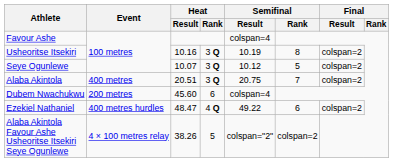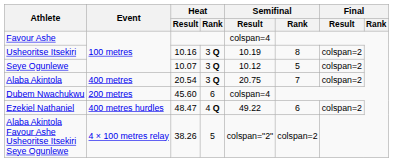 <table class="wikitable" style="font-size:90%">
 <tr>
 <th rowspan="2">Athlete</th>
 <th rowspan="2">Event</th>
 <th colspan="2">Heat</th>
 <th colspan="2">Semifinal</th>
 <th colspan="2">Final</th>
 </tr>
 <tr style="font-size:95%">
 <th>Result</th>
 <th>Rank</th>
 <th>Result</th>
 <th>Rank</th>
 <th>Result</th>
 <th>Rank</th>
 </tr>
 <tr align="center">
 <td align=left><a href='#'>Favour Ashe</a></td>
 <td align=left rowspan=3><a href='#'>100 metres</a></td>
 <td colspan=2></td>
 <td>colspan=4 </td>
 </tr>
 <tr align="center">
 <td align=left><a href='#'>Usheoritse Itsekiri</a></td>
 <td>10.16</td>
 <td>3 <strong>Q</strong></td>
 <td>10.19</td>
 <td>8</td>
 <td>colspan=2 </td>
 </tr>
 <tr align="center">
 <td align=left><a href='#'>Seye Ogunlewe</a></td>
 <td>10.07</td>
 <td>3 <strong>Q</strong></td>
 <td>10.12</td>
 <td>5</td>
 <td>colspan=2 </td>
 </tr>
 <tr align="center">
 <td align=left><a href='#'>Alaba Akintola</a></td>
 <td align=left><a href='#'>400 metres</a></td>
-<td>20.51</td>
+<td>20.54</td>
 <td>3 <strong>Q</strong></td>
 <td>20.75</td>
 <td>7</td>
 <td>colspan=2 </td>
 </tr>
 <tr align="center">
 <td align=left><a href='#'>Dubem Nwachukwu</a></td>
 <td align=left><a href='#'>200 metres</a></td>
 <td>45.60</td>
 <td>6</td>
 <td>colspan=4 </td>
 </tr>
 <tr align="center">
 <td align=left><a href='#'>Ezekiel Nathaniel</a></td>
 <td align=left><a href='#'>400 metres hurdles</a></td>
 <td>48.47 </td>
 <td>4 <strong>Q</strong></td>
 <td>49.22</td>
 <td>6</td>
 <td>colspan=2 </td>
 </tr>
 <tr align="center">
 <td align=left><a href='#'>Alaba Akintola</a><br><a href='#'>Favour Ashe</a><br><a href='#'>Usheoritse Itsekiri</a><br><a href='#'>Seye Ogunlewe</a></td>
 <td align=left><a href='#'>4 × 100 metres relay</a></td>
 <td>38.26 </td>
 <td>5</td>
 <td>colspan="2" </td>
 <td>colspan=2 </td>
 </tr>
 </table>
